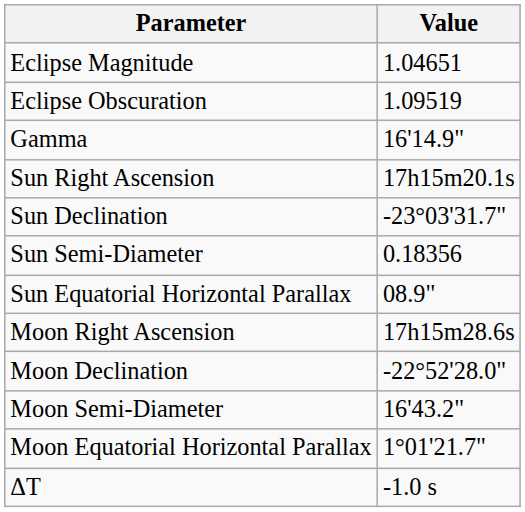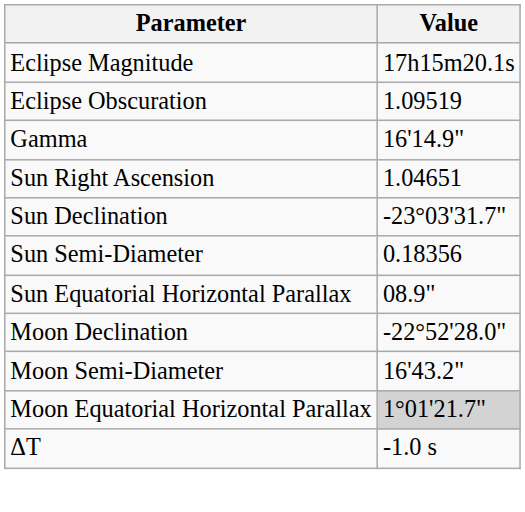 <table class="wikitable">
 <tr>
 <th>Parameter</th>
 <th>Value</th>
 </tr>
 <tr>
 <td>Eclipse Magnitude</td>
-<td>1.04651</td>
+<td>17h15m20.1s</td>
 </tr>
 <tr>
 <td>Eclipse Obscuration</td>
 <td>1.09519</td>
 </tr>
 <tr>
 <td>Gamma</td>
 <td>16'14.9"</td>
 </tr>
 <tr>
 <td>Sun Right Ascension</td>
-<td>17h15m20.1s</td>
+<td>1.04651</td>
 </tr>
 <tr>
 <td>Sun Declination</td>
 <td>-23°03'31.7"</td>
 </tr>
 <tr>
 <td>Sun Semi-Diameter</td>
 <td>0.18356</td>
 </tr>
 <tr>
 <td>Sun Equatorial Horizontal Parallax</td>
 <td>08.9"</td>
 </tr>
 <tr>
-<td>Moon Right Ascension</td>
-<td>17h15m28.6s</td>
-</tr>
-<tr>
 <td>Moon Declination</td>
 <td>-22°52'28.0"</td>
 </tr>
 <tr>
 <td>Moon Semi-Diameter</td>
 <td>16'43.2"</td>
 </tr>
 <tr>
 <td>Moon Equatorial Horizontal Parallax</td>
-<td>1°01'21.7"</td>
+<td style="background: lightgrey;">1°01'21.7"</td>
 </tr>
 <tr>
 <td>ΔT</td>
 <td>-1.0 s</td>
 </tr>
 </table>
